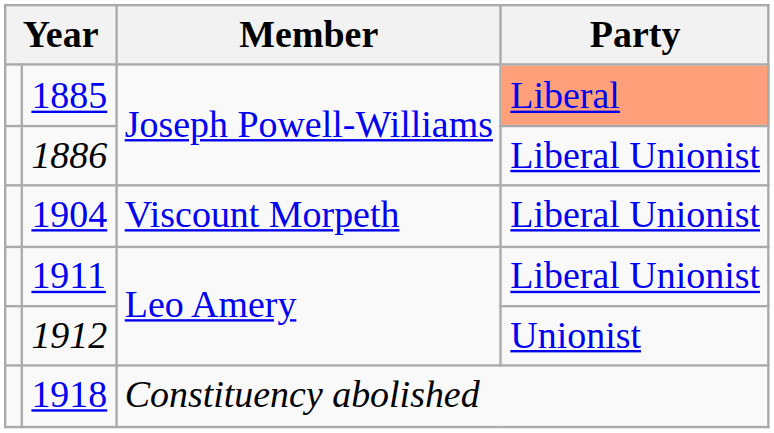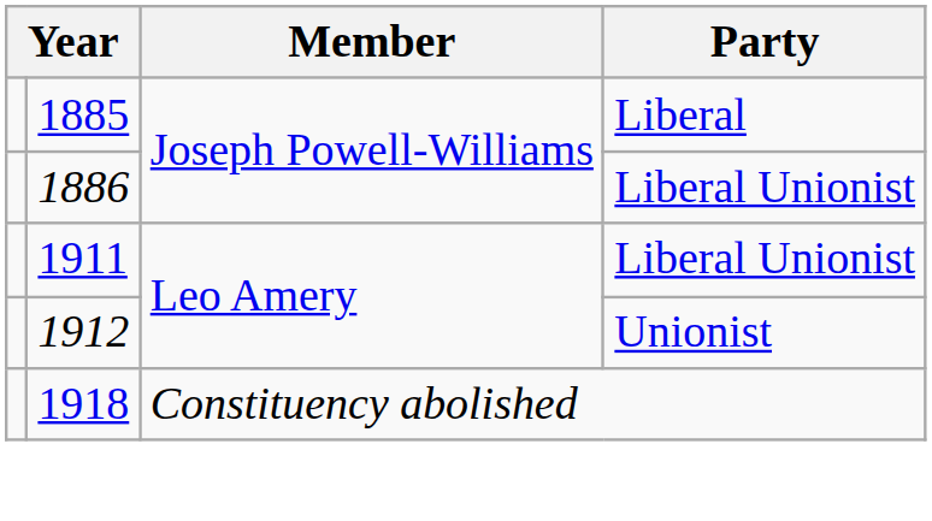 <table class="wikitable">
 <tr>
 <th colspan="2">Year</th>
 <th>Member</th>
 <th>Party</th>
 </tr>
 <tr>
 <td style="color:inherit;background-color: "></td>
 <td><a href='#'>1885</a></td>
 <td rowspan="2"><a href='#'>Joseph Powell-Williams</a></td>
-<td style="background: lightsalmon;"><a href='#'>Liberal</a></td>
+<td><a href='#'>Liberal</a></td>
 </tr>
 <tr>
 <td style="color:inherit;background-color: "></td>
 <td><em>1886</em></td>
-<td><a href='#'>Liberal Unionist</a></td>
-</tr>
-<tr>
-<td style="color:inherit;background-color: "></td>
-<td><a href='#'>1904</a></td>
-<td><a href='#'>Viscount Morpeth</a></td>
 <td><a href='#'>Liberal Unionist</a></td>
 </tr>
 <tr>
 <td style="color:inherit;background-color: "></td>
 <td><a href='#'>1911</a></td>
 <td rowspan="2"><a href='#'>Leo Amery</a></td>
 <td><a href='#'>Liberal Unionist</a></td>
 </tr>
 <tr>
 <td style="color:inherit;background-color: "></td>
 <td><em>1912</em></td>
 <td><a href='#'>Unionist</a></td>
 </tr>
 <tr>
 <td></td>
 <td><a href='#'>1918</a></td>
 <td colspan="2"><em>Constituency abolished</em></td>
 </tr>
 </table>
